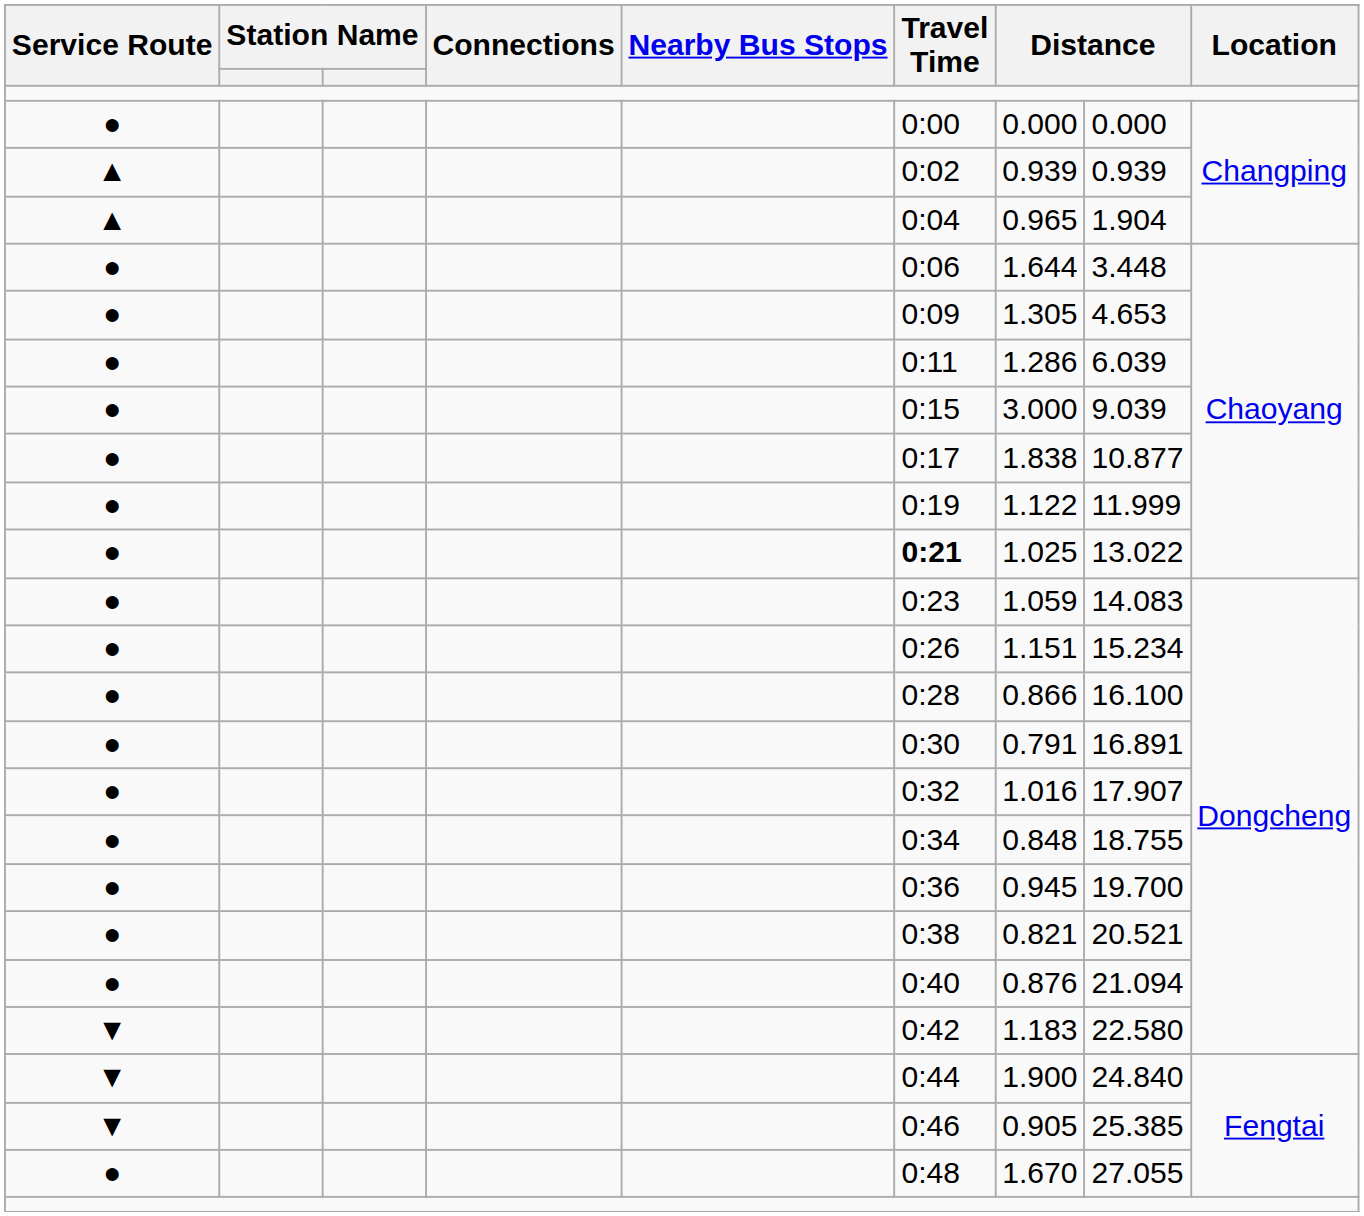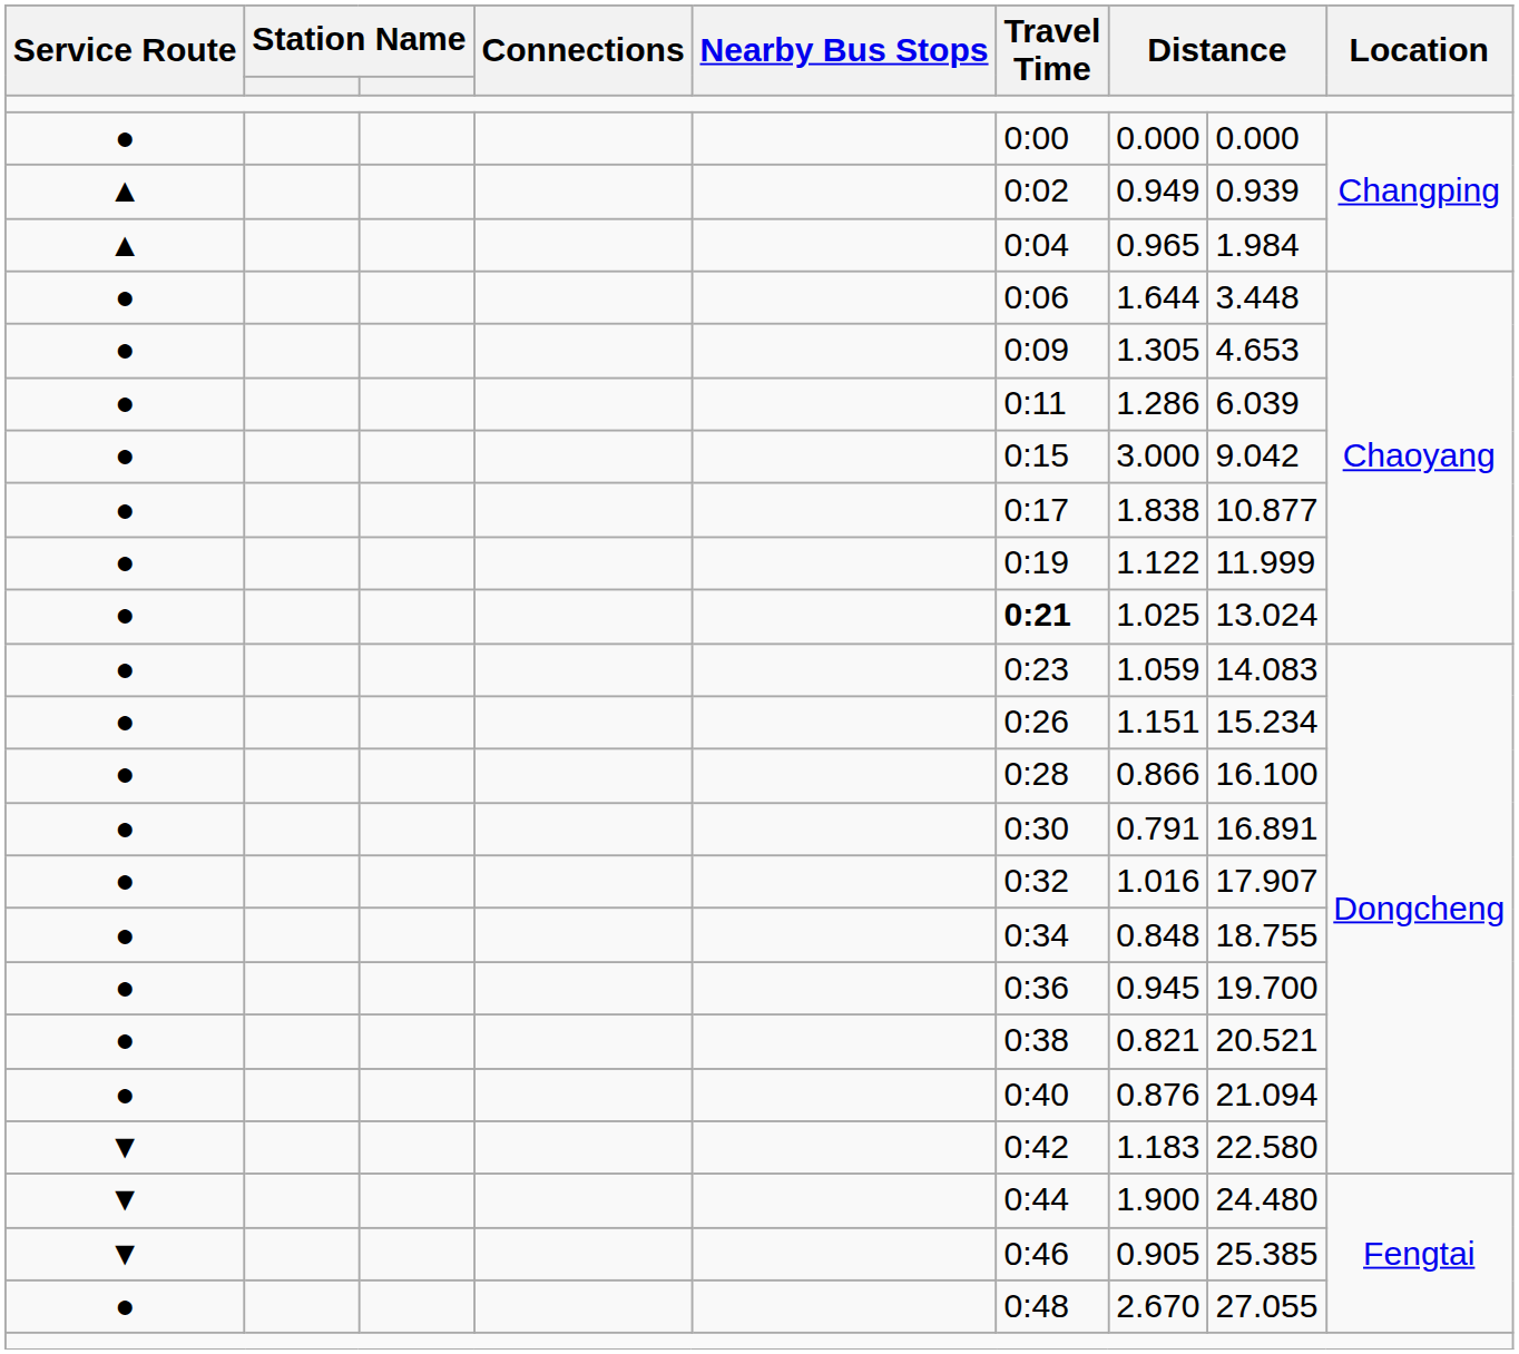 <table class="wikitable" style="margin:1em auto 1em left;">
 <tr>
 <th rowspan="2">Service Route</th>
 <th colspan="2">Station Name</th>
 <th rowspan="2">Connections</th>
 <th rowspan="2"><a href='#'>Nearby Bus Stops</a></th>
 <th rowspan="2">Travel<br>Time</th>
 <th colspan="2" rowspan="2">Distance<br></th>
 <th rowspan="2">Location</th>
 </tr>
 <tr>
 <th></th>
 <th></th>
 </tr>
 <tr style="background:#">
 <td colspan="9"></td>
 </tr>
 <tr>
 <td style="text-align:center;">●</td>
 <td></td>
 <td></td>
 <td></td>
 <td></td>
 <td>0:00</td>
 <td>0.000</td>
 <td>0.000</td>
 <td rowspan="3" style="text-align:center;"><a href='#'>Changping</a></td>
 </tr>
 <tr>
 <td style="text-align:center;">▲</td>
 <td></td>
 <td></td>
 <td></td>
 <td></td>
 <td>0:02</td>
-<td>0.939</td>
+<td>0.949</td>
 <td>0.939</td>
 </tr>
 <tr>
 <td style="text-align:center;">▲</td>
 <td></td>
 <td></td>
 <td></td>
 <td></td>
 <td>0:04</td>
 <td>0.965</td>
-<td>1.904</td>
+<td>1.984</td>
 </tr>
 <tr>
 <td style="text-align:center;">●</td>
 <td></td>
 <td></td>
 <td> </td>
 <td></td>
 <td>0:06</td>
 <td>1.644</td>
 <td>3.448</td>
 <td rowspan="7" style="text-align:center;"><a href='#'>Chaoyang</a></td>
 </tr>
 <tr>
 <td style="text-align:center;">●</td>
 <td></td>
 <td></td>
 <td></td>
 <td></td>
 <td>0:09</td>
 <td>1.305</td>
 <td>4.653</td>
 </tr>
 <tr>
 <td style="text-align:center;">●</td>
 <td></td>
 <td></td>
 <td></td>
 <td></td>
 <td>0:11</td>
 <td>1.286</td>
 <td>6.039</td>
 </tr>
 <tr>
 <td style="text-align:center;">●</td>
 <td></td>
 <td></td>
 <td></td>
 <td></td>
 <td>0:15</td>
 <td>3.000</td>
-<td>9.039</td>
+<td>9.042</td>
 </tr>
 <tr>
 <td style="text-align:center;">●</td>
 <td></td>
 <td></td>
 <td></td>
 <td></td>
 <td>0:17</td>
 <td>1.838</td>
 <td>10.877</td>
 </tr>
 <tr>
 <td style="text-align:center;">●</td>
 <td></td>
 <td></td>
 <td></td>
 <td></td>
 <td>0:19</td>
 <td>1.122</td>
 <td>11.999</td>
 </tr>
 <tr>
 <td style="text-align:center;">●</td>
 <td></td>
 <td></td>
 <td></td>
 <td></td>
 <td><strong>0:21</strong></td>
 <td>1.025</td>
-<td>13.022</td>
+<td>13.024</td>
 </tr>
 <tr>
 <td style="text-align:center;">●</td>
 <td></td>
 <td></td>
 <td></td>
 <td></td>
 <td>0:23</td>
 <td>1.059</td>
 <td>14.083</td>
 <td rowspan="10" style="text-align:center;"><a href='#'>Dongcheng</a></td>
 </tr>
 <tr>
 <td style="text-align:center;">●</td>
 <td></td>
 <td></td>
 <td></td>
 <td></td>
 <td>0:26</td>
 <td>1.151</td>
 <td>15.234</td>
 </tr>
 <tr>
 <td style="text-align:center;">●</td>
 <td></td>
 <td></td>
 <td></td>
 <td></td>
 <td>0:28</td>
 <td>0.866</td>
 <td>16.100</td>
 </tr>
 <tr>
 <td style="text-align:center;">●</td>
 <td></td>
 <td></td>
 <td></td>
 <td></td>
 <td>0:30</td>
 <td>0.791</td>
 <td>16.891</td>
 </tr>
 <tr>
 <td style="text-align:center;">●</td>
 <td></td>
 <td></td>
 <td></td>
 <td></td>
 <td>0:32</td>
 <td>1.016</td>
 <td>17.907</td>
 </tr>
 <tr>
 <td style="text-align:center;">●</td>
 <td></td>
 <td></td>
 <td></td>
 <td></td>
 <td>0:34</td>
 <td>0.848</td>
 <td>18.755</td>
 </tr>
 <tr>
 <td style="text-align:center;">●</td>
 <td></td>
 <td></td>
 <td></td>
 <td></td>
 <td>0:36</td>
 <td>0.945</td>
 <td>19.700</td>
 </tr>
 <tr>
 <td style="text-align:center;">●</td>
 <td></td>
 <td></td>
 <td></td>
 <td></td>
 <td>0:38</td>
 <td>0.821</td>
 <td>20.521</td>
 </tr>
 <tr>
 <td style="text-align:center;">●</td>
 <td></td>
 <td></td>
 <td></td>
 <td></td>
 <td>0:40</td>
 <td>0.876</td>
 <td>21.094</td>
 </tr>
 <tr>
 <td style="text-align:center;">▼</td>
 <td></td>
 <td></td>
 <td></td>
 <td></td>
 <td>0:42</td>
 <td>1.183</td>
 <td>22.580</td>
 </tr>
 <tr>
 <td style="text-align:center;">▼</td>
 <td></td>
 <td></td>
 <td></td>
 <td></td>
 <td>0:44</td>
 <td>1.900</td>
-<td>24.840</td>
+<td>24.480</td>
 <td rowspan="3" style="text-align:center;"><a href='#'>Fengtai</a></td>
 </tr>
 <tr>
 <td style="text-align:center;">▼</td>
 <td></td>
 <td></td>
 <td></td>
 <td></td>
 <td>0:46</td>
 <td>0.905</td>
 <td>25.385</td>
 </tr>
 <tr>
 <td style="text-align:center;">●</td>
 <td></td>
 <td></td>
 <td> </td>
 <td></td>
 <td>0:48</td>
-<td>1.670</td>
+<td>2.670</td>
 <td>27.055</td>
 </tr>
 <tr style="background:#">
 <td colspan="9"></td>
 </tr>
 </table>
